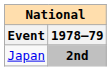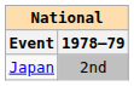 <table class="wikitable" style="text-align:center">
 <tr>
 <th style="background-color: #ffdead; " colspan=2 align=center>National</th>
 </tr>
 <tr>
 <th>Event</th>
 <th>1978–79</th>
 </tr>
 <tr>
 <td align=left><a href='#'>Japan</a></td>
-<td bgcolor=silver><strong>2nd</strong></td>
+<td bgcolor=silver>2nd</td>
 </tr>
 </table>
